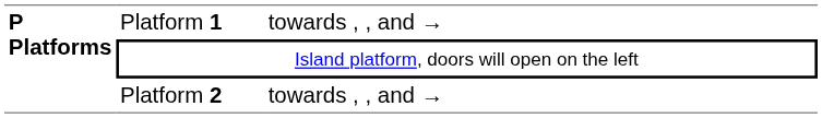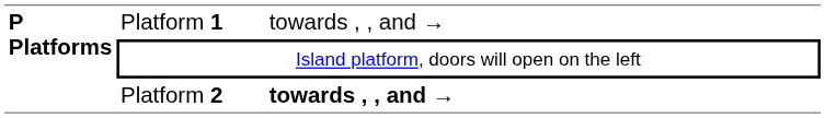 <table border=0 cellspacing=0 cellpadding=3>
 <tr>
 <td style="border-top:solid 1px gray;border-bottom:solid 1px gray;width:50px;vertical-align:top;" rowspan=3><strong>P<br>Platforms</strong></td>
 <td style="border-top:solid 1px gray;width:100px;">Platform <span><strong>1</strong></span></td>
 <td style="border-top:solid 1px gray;width:390px;">  towards , ,  and  →</td>
 </tr>
 <tr>
 <td style="border-top:solid 2px black;border-right:solid 2px black;border-left:solid 2px black;border-bottom:solid 2px black;text-align:center;" colspan=2><small><a href='#'>Island platform</a>, doors will open on the left</small></td>
 </tr>
 <tr>
 <td style="border-bottom:solid 1px gray;">Platform <span><strong>2</strong></span></td>
-<td style="border-bottom:solid 1px gray;">  towards , ,  and  →</td>
+<td style="border-bottom:solid 1px gray;"><strong>  towards , ,  and  →</strong></td>
 </tr>
 </table>
